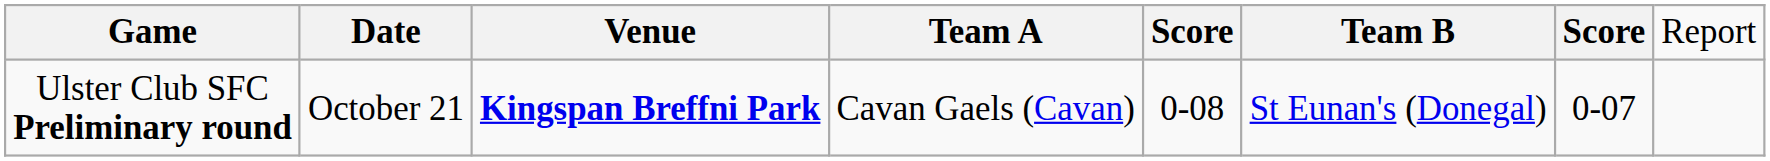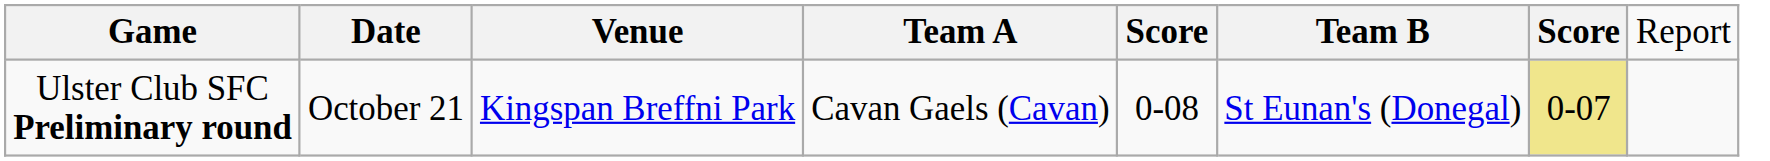 <table class="wikitable">
 <tr>
 <th>Game</th>
 <th>Date</th>
 <th>Venue</th>
 <th>Team A</th>
 <th>Score</th>
 <th>Team B</th>
 <th>Score</th>
 <td>Report</td>
 </tr>
 <tr align="center">
 <td>Ulster Club SFC<br><strong>Preliminary round</strong></td>
 <td>October 21</td>
-<td><strong><a href='#'>Kingspan Breffni Park</a></strong></td>
+<td><a href='#'>Kingspan Breffni Park</a></td>
 <td>Cavan Gaels (<a href='#'>Cavan</a>)</td>
 <td>0-08</td>
 <td><a href='#'>St Eunan's</a> (<a href='#'>Donegal</a>)</td>
-<td>0-07</td>
+<td style="background: khaki;">0-07</td>
 <td></td>
 </tr>
 </table>
